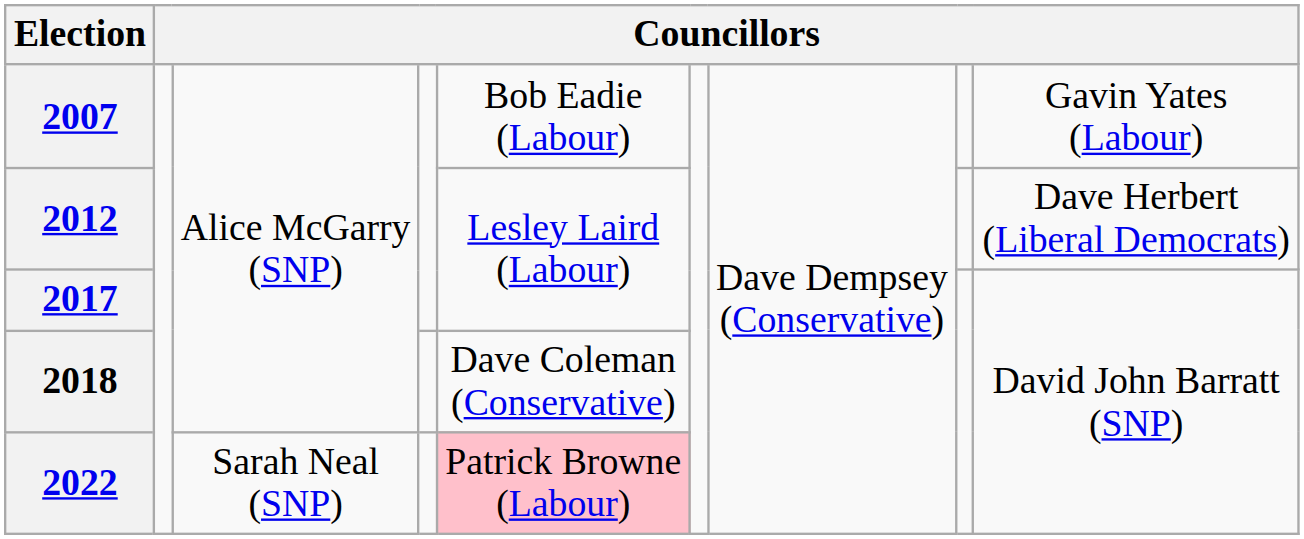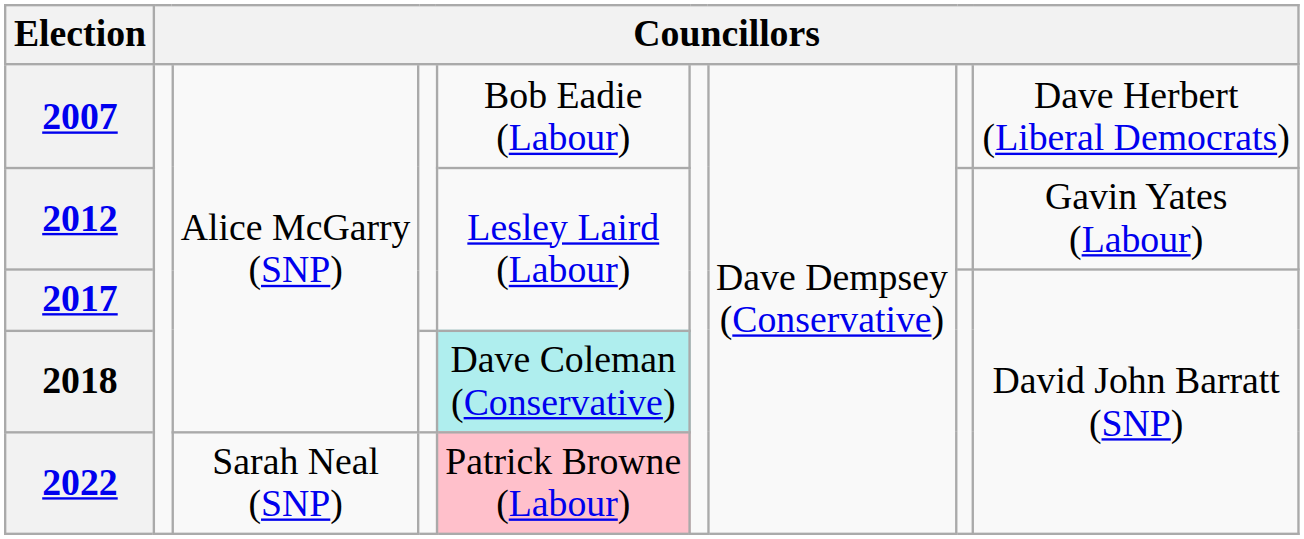 <table class="wikitable" style="text-align:center">
 <tr>
 <th>Election</th>
 <th colspan=8>Councillors</th>
 </tr>
 <tr>
 <th><a href='#'>2007</a></th>
 <td rowspan=5; style="background-color: "></td>
 <td rowspan=4>Alice McGarry<br>(<a href='#'>SNP</a>)</td>
 <td rowspan=3; style="background-color: "></td>
 <td rowspan=1>Bob Eadie<br>(<a href='#'>Labour</a>)</td>
 <td rowspan=5; style="background-color: "></td>
 <td rowspan=5>Dave Dempsey<br>(<a href='#'>Conservative</a>)</td>
 <td rowspan=1; style="background-color: "></td>
-<td rowspan=1>Gavin Yates<br>(<a href='#'>Labour</a>)</td>
+<td rowspan=1>Dave Herbert<br>(<a href='#'>Liberal Democrats</a>)</td>
 </tr>
 <tr>
 <th><a href='#'>2012</a></th>
 <td rowspan=2><a href='#'>Lesley Laird</a><br>(<a href='#'>Labour</a>)</td>
 <td rowspan=1; style="background-color: "></td>
-<td rowspan=1>Dave Herbert<br>(<a href='#'>Liberal Democrats</a>)</td>
+<td rowspan=1>Gavin Yates<br>(<a href='#'>Labour</a>)</td>
 </tr>
 <tr>
 <th><a href='#'>2017</a></th>
 <td rowspan=3; style="background-color: "></td>
 <td rowspan=3>David John Barratt<br>(<a href='#'>SNP</a>)</td>
 </tr>
 <tr>
 <th>2018</th>
 <td rowspan=1; style="background-color: "></td>
-<td rowspan=1>Dave Coleman<br>(<a href='#'>Conservative</a>)</td>
+<td rowspan=1 style="background: paleturquoise;">Dave Coleman<br>(<a href='#'>Conservative</a>)</td>
 </tr>
 <tr>
 <th><a href='#'>2022</a></th>
 <td rowspan=1>Sarah Neal<br>(<a href='#'>SNP</a>)</td>
 <td rowspan=1; style="background-color: "></td>
 <td rowspan=1 style="background: pink;">Patrick Browne<br>(<a href='#'>Labour</a>)</td>
 </tr>
 </table>
